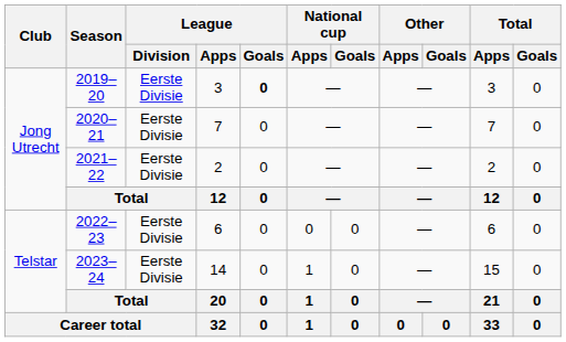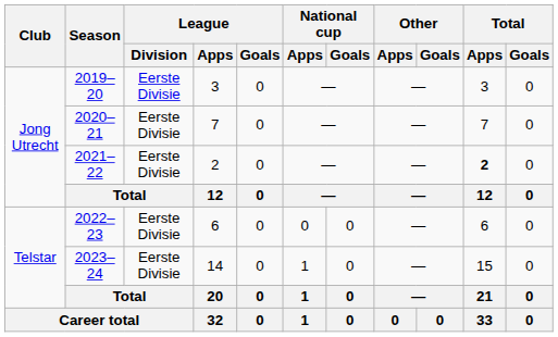 <table class="wikitable" style="text-align:center">
 <tr>
 <th rowspan="2">Club</th>
 <th rowspan="2">Season</th>
 <th colspan="3">League</th>
 <th colspan="2">National cup</th>
 <th colspan="2">Other</th>
 <th colspan="2">Total</th>
 </tr>
 <tr>
 <th>Division</th>
 <th>Apps</th>
 <th>Goals</th>
 <th>Apps</th>
 <th>Goals</th>
 <th>Apps</th>
 <th>Goals</th>
 <th>Apps</th>
 <th>Goals</th>
 </tr>
 <tr>
 <td rowspan="4"><a href='#'>Jong Utrecht</a></td>
 <td><a href='#'>2019–20</a></td>
 <td><a href='#'>Eerste Divisie</a></td>
 <td>3</td>
-<td><strong>0</strong></td>
+<td>0</td>
 <td colspan="2">—</td>
 <td colspan="2">—</td>
 <td>3</td>
 <td>0</td>
 </tr>
 <tr>
 <td><a href='#'>2020–21</a></td>
 <td>Eerste Divisie</td>
 <td>7</td>
 <td>0</td>
 <td colspan="2">—</td>
 <td colspan="2">—</td>
 <td>7</td>
 <td>0</td>
 </tr>
 <tr>
 <td><a href='#'>2021–22</a></td>
 <td>Eerste Divisie</td>
 <td>2</td>
 <td>0</td>
 <td colspan="2">—</td>
 <td colspan="2">—</td>
-<td>2</td>
+<td><strong>2</strong></td>
 <td>0</td>
 </tr>
 <tr>
 <th colspan="2">Total</th>
 <th>12</th>
 <th>0</th>
 <th colspan="2">—</th>
 <th colspan="2">—</th>
 <th>12</th>
 <th>0</th>
 </tr>
 <tr>
 <td rowspan="3"><a href='#'>Telstar</a></td>
 <td><a href='#'>2022–23</a></td>
 <td>Eerste Divisie</td>
 <td>6</td>
 <td>0</td>
 <td>0</td>
 <td>0</td>
 <td colspan="2">—</td>
 <td>6</td>
 <td>0</td>
 </tr>
 <tr>
 <td><a href='#'>2023–24</a></td>
 <td>Eerste Divisie</td>
 <td>14</td>
 <td>0</td>
 <td>1</td>
 <td>0</td>
 <td colspan="2">—</td>
 <td>15</td>
 <td>0</td>
 </tr>
 <tr>
 <th colspan="2">Total</th>
 <th>20</th>
 <th>0</th>
 <th>1</th>
 <th>0</th>
 <th colspan="2">—</th>
 <th>21</th>
 <th>0</th>
 </tr>
 <tr>
 <th colspan="3">Career total</th>
 <th>32</th>
 <th>0</th>
 <th>1</th>
 <th>0</th>
 <th>0</th>
 <th>0</th>
 <th>33</th>
 <th>0</th>
 </tr>
 </table>
